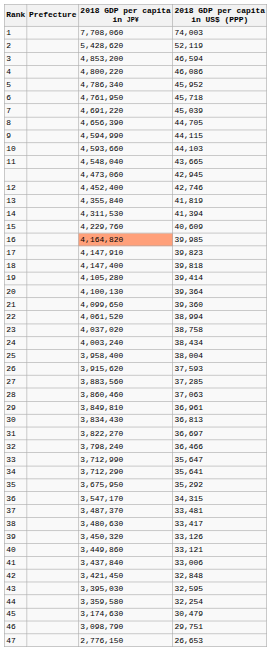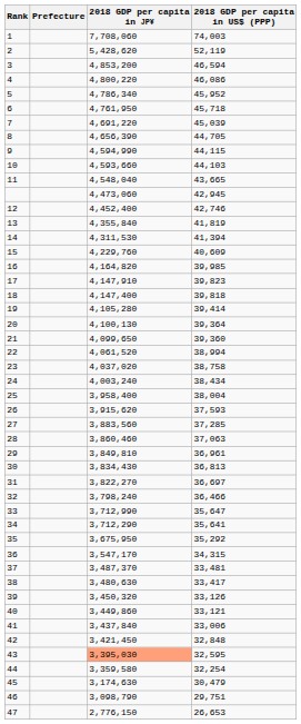 <table class="wikitable sortable">
 <tr>
 <th>Rank</th>
 <th>Prefecture</th>
 <th>2018 GDP per capita<br>in <small>JP¥</small></th>
 <th>2018 GDP per capita<br>in US$ (PPP)</th>
 </tr>
 <tr>
 <td>1</td>
 <td></td>
 <td>7,708,060</td>
 <td>74,003</td>
 </tr>
 <tr>
 <td>2</td>
 <td></td>
 <td>5,428,620</td>
 <td>52,119</td>
 </tr>
 <tr>
 <td>3</td>
 <td></td>
 <td>4,853,200</td>
 <td>46,594</td>
 </tr>
 <tr>
 <td>4</td>
 <td></td>
 <td>4,800,220</td>
 <td>46,086</td>
 </tr>
 <tr>
 <td>5</td>
 <td></td>
 <td>4,786,340</td>
 <td>45,952</td>
 </tr>
 <tr>
 <td>6</td>
 <td></td>
 <td>4,761,950</td>
 <td>45,718</td>
 </tr>
 <tr>
 <td>7</td>
 <td></td>
 <td>4,691,220</td>
 <td>45,039</td>
 </tr>
 <tr>
 <td>8</td>
 <td></td>
 <td>4,656,390</td>
 <td>44,705</td>
 </tr>
 <tr>
 <td>9</td>
 <td></td>
 <td>4,594,990</td>
 <td>44,115</td>
 </tr>
 <tr>
 <td>10</td>
 <td></td>
 <td>4,593,660</td>
 <td>44,103</td>
 </tr>
 <tr>
 <td>11</td>
 <td></td>
 <td>4,548,040</td>
 <td>43,665</td>
 </tr>
 <tr>
 <td></td>
 <td></td>
 <td>4,473,060</td>
 <td>42,945</td>
 </tr>
 <tr>
 <td>12</td>
 <td></td>
 <td>4,452,400</td>
 <td>42,746</td>
 </tr>
 <tr>
 <td>13</td>
 <td></td>
 <td>4,355,840</td>
 <td>41,819</td>
 </tr>
 <tr>
 <td>14</td>
 <td></td>
 <td>4,311,530</td>
 <td>41,394</td>
 </tr>
 <tr>
 <td>15</td>
 <td></td>
 <td>4,229,760</td>
 <td>40,609</td>
 </tr>
 <tr>
 <td>16</td>
 <td></td>
-<td style="background: lightsalmon;">4,164,820</td>
+<td>4,164,820</td>
 <td>39,985</td>
 </tr>
 <tr>
 <td>17</td>
 <td></td>
 <td>4,147,910</td>
 <td>39,823</td>
 </tr>
 <tr>
 <td>18</td>
 <td></td>
 <td>4,147,400</td>
 <td>39,818</td>
 </tr>
 <tr>
 <td>19</td>
 <td></td>
 <td>4,105,280</td>
 <td>39,414</td>
 </tr>
 <tr>
 <td>20</td>
 <td></td>
 <td>4,100,130</td>
 <td>39,364</td>
 </tr>
 <tr>
 <td>21</td>
 <td></td>
 <td>4,099,650</td>
 <td>39,360</td>
 </tr>
 <tr>
 <td>22</td>
 <td></td>
 <td>4,061,520</td>
 <td>38,994</td>
 </tr>
 <tr>
 <td>23</td>
 <td></td>
 <td>4,037,020</td>
 <td>38,758</td>
 </tr>
 <tr>
 <td>24</td>
 <td></td>
 <td>4,003,240</td>
 <td>38,434</td>
 </tr>
 <tr>
 <td>25</td>
 <td></td>
 <td>3,958,400</td>
 <td>38,004</td>
 </tr>
 <tr>
 <td>26</td>
 <td></td>
 <td>3,915,620</td>
 <td>37,593</td>
 </tr>
 <tr>
 <td>27</td>
 <td></td>
 <td>3,883,560</td>
 <td>37,285</td>
 </tr>
 <tr>
 <td>28</td>
 <td></td>
 <td>3,860,460</td>
 <td>37,063</td>
 </tr>
 <tr>
 <td>29</td>
 <td></td>
 <td>3,849,810</td>
 <td>36,961</td>
 </tr>
 <tr>
 <td>30</td>
 <td></td>
 <td>3,834,430</td>
 <td>36,813</td>
 </tr>
 <tr>
 <td>31</td>
 <td></td>
 <td>3,822,270</td>
 <td>36,697</td>
 </tr>
 <tr>
 <td>32</td>
 <td></td>
 <td>3,798,240</td>
 <td>36,466</td>
 </tr>
 <tr>
 <td>33</td>
 <td></td>
 <td>3,712,990</td>
 <td>35,647</td>
 </tr>
 <tr>
 <td>34</td>
 <td></td>
 <td>3,712,290</td>
 <td>35,641</td>
 </tr>
 <tr>
 <td>35</td>
 <td></td>
 <td>3,675,950</td>
 <td>35,292</td>
 </tr>
 <tr>
 <td>36</td>
 <td></td>
 <td>3,547,170</td>
 <td>34,315</td>
 </tr>
 <tr>
 <td>37</td>
 <td></td>
 <td>3,487,370</td>
 <td>33,481</td>
 </tr>
 <tr>
 <td>38</td>
 <td></td>
 <td>3,480,630</td>
 <td>33,417</td>
 </tr>
 <tr>
 <td>39</td>
 <td></td>
 <td>3,450,320</td>
 <td>33,126</td>
 </tr>
 <tr>
 <td>40</td>
 <td></td>
 <td>3,449,860</td>
 <td>33,121</td>
 </tr>
 <tr>
 <td>41</td>
 <td></td>
 <td>3,437,840</td>
 <td>33,006</td>
 </tr>
 <tr>
 <td>42</td>
 <td></td>
 <td>3,421,450</td>
 <td>32,848</td>
 </tr>
 <tr>
 <td>43</td>
 <td></td>
-<td>3,395,030</td>
+<td style="background: lightsalmon;">3,395,030</td>
 <td>32,595</td>
 </tr>
 <tr>
 <td>44</td>
 <td></td>
 <td>3,359,580</td>
 <td>32,254</td>
 </tr>
 <tr>
 <td>45</td>
 <td></td>
 <td>3,174,630</td>
 <td>30,479</td>
 </tr>
 <tr>
 <td>46</td>
 <td></td>
 <td>3,098,790</td>
 <td>29,751</td>
 </tr>
 <tr>
 <td>47</td>
 <td></td>
 <td>2,776,150</td>
 <td>26,653</td>
 </tr>
 </table>
